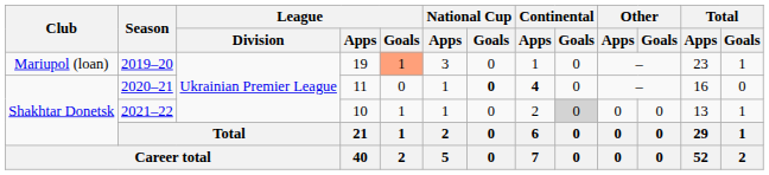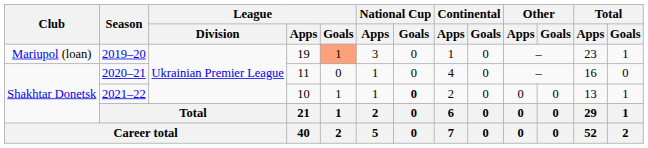 <table class="wikitable" style="text-align:center">
 <tr>
 <th rowspan="2">Club</th>
 <th rowspan="2">Season</th>
 <th colspan="3">League</th>
 <th colspan="2">National Cup</th>
 <th colspan="2">Continental</th>
 <th colspan="2">Other</th>
 <th colspan="2">Total</th>
 </tr>
 <tr>
 <th>Division</th>
 <th>Apps</th>
 <th>Goals</th>
 <th>Apps</th>
 <th>Goals</th>
 <th>Apps</th>
 <th>Goals</th>
 <th>Apps</th>
 <th>Goals</th>
 <th>Apps</th>
 <th>Goals</th>
 </tr>
 <tr>
 <td><a href='#'>Mariupol</a> (loan)</td>
 <td><a href='#'>2019–20</a></td>
 <td rowspan="3"><a href='#'>Ukrainian Premier League</a></td>
 <td>19</td>
 <td style="background: lightsalmon;">1</td>
 <td>3</td>
 <td>0</td>
 <td>1</td>
 <td>0</td>
 <td colspan="2">–</td>
 <td>23</td>
 <td>1</td>
 </tr>
 <tr>
 <td rowspan="3"><a href='#'>Shakhtar Donetsk</a></td>
 <td><a href='#'>2020–21</a></td>
 <td>11</td>
 <td>0</td>
 <td>1</td>
-<td><strong>0</strong></td>
-<td><strong>4</strong></td>
+<td>0</td>
+<td>4</td>
 <td>0</td>
 <td colspan="2">–</td>
 <td>16</td>
 <td>0</td>
 </tr>
 <tr>
 <td><a href='#'>2021–22</a></td>
 <td>10</td>
 <td>1</td>
 <td>1</td>
+<td><strong>0</strong></td>
+<td>2</td>
 <td>0</td>
-<td>2</td>
-<td style="background: lightgrey;">0</td>
 <td>0</td>
 <td>0</td>
 <td>13</td>
 <td>1</td>
 </tr>
 <tr>
 <th colspan="2">Total</th>
 <th>21</th>
 <th>1</th>
 <th>2</th>
 <th>0</th>
 <th>6</th>
 <th>0</th>
 <th>0</th>
 <th>0</th>
 <th>29</th>
 <th>1</th>
 </tr>
 <tr>
 <th colspan="3">Career total</th>
 <th>40</th>
 <th>2</th>
 <th>5</th>
 <th>0</th>
 <th>7</th>
 <th>0</th>
 <th>0</th>
 <th>0</th>
 <th>52</th>
 <th>2</th>
 </tr>
 </table>
